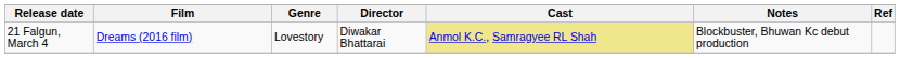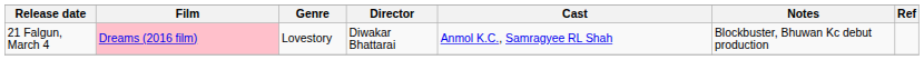 <table class="wikitable sortable" style="width:100%">
 <tr shor>
 </tr>
 <tr>
 <th style="width:10%;">Release date</th>
 <th style="width:20%;">Film</th>
 <th !style="width:10%;">Genre</th>
 <th style="width:10%;">Director</th>
 <th style="width:30%;">Cast</th>
 <th style="width:20%;">Notes</th>
 <th style="width:2%;">Ref</th>
 </tr>
 <tr>
 <td>21 Falgun, March 4</td>
-<td><a href='#'>Dreams (2016 film)</a></td>
+<td style="background: pink;"><a href='#'>Dreams (2016 film)</a></td>
 <td>Lovestory</td>
 <td>Diwakar Bhattarai</td>
-<td style="background: khaki;"><a href='#'>Anmol K.C.</a>, <a href='#'>Samragyee RL Shah</a></td>
+<td><a href='#'>Anmol K.C.</a>, <a href='#'>Samragyee RL Shah</a></td>
 <td>Blockbuster, Bhuwan Kc debut production</td>
 <td></td>
 </tr>
 <tr>
 </tr>
 </table>
